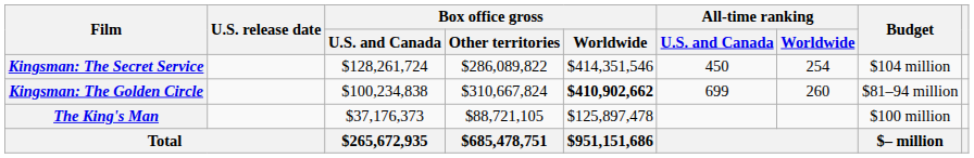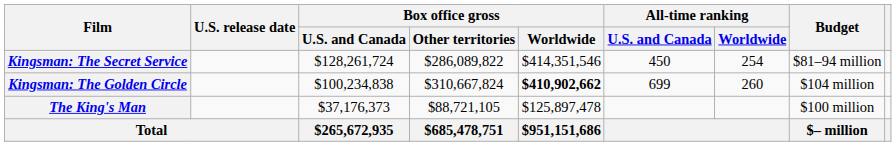 <table class="wikitable plainrowheaders sortable" style="text-align: center">
 <tr>
 <th scope="col" rowspan="2">Film</th>
 <th scope="col" rowspan="2">U.S. release date</th>
 <th scope="col" colspan="3" class=sortable>Box office gross</th>
 <th scope="col" colspan="2" style="text: wrap;" class="unsortable">All-time ranking</th>
 <th scope="col" rowspan="2">Budget</th>
 <th scope="col" rowspan="2" class="unsortable"></th>
 </tr>
 <tr>
 <th scope="col">U.S. and Canada</th>
 <th scope="col">Other territories</th>
 <th scope="col">Worldwide</th>
 <th scope="col" class="sortable"><a href='#'>U.S. and Canada</a></th>
 <th scope="col" class="sortable"><a href='#'>Worldwide</a></th>
 </tr>
 <tr>
 <th scope="row"><em><a href='#'>Kingsman: The Secret Service</a></em></th>
 <td></td>
 <td>$128,261,724</td>
 <td>$286,089,822</td>
 <td>$414,351,546</td>
 <td>450</td>
 <td>254</td>
-<td>$104 million</td>
+<td>$81–94 million</td>
 <td></td>
 </tr>
 <tr>
 <th scope="row"><em><a href='#'>Kingsman: The Golden Circle</a></em></th>
 <td></td>
 <td>$100,234,838</td>
 <td>$310,667,824</td>
 <td><strong>$410,902,662</strong></td>
 <td>699</td>
 <td>260</td>
-<td>$81–94 million</td>
+<td>$104 million</td>
 <td></td>
 </tr>
 <tr>
 <th scope="row"><em><a href='#'>The King's Man</a></em></th>
 <td></td>
 <td>$37,176,373</td>
 <td>$88,721,105</td>
 <td>$125,897,478</td>
 <td></td>
 <td></td>
 <td>$100 million</td>
 <td></td>
 </tr>
 <tr>
 <th colspan="2">Total</th>
 <th>$265,672,935</th>
 <th>$685,478,751</th>
 <th>$951,151,686</th>
 <th colspan="2"></th>
 <th>$– million</th>
 <th></th>
 </tr>
 </table>
